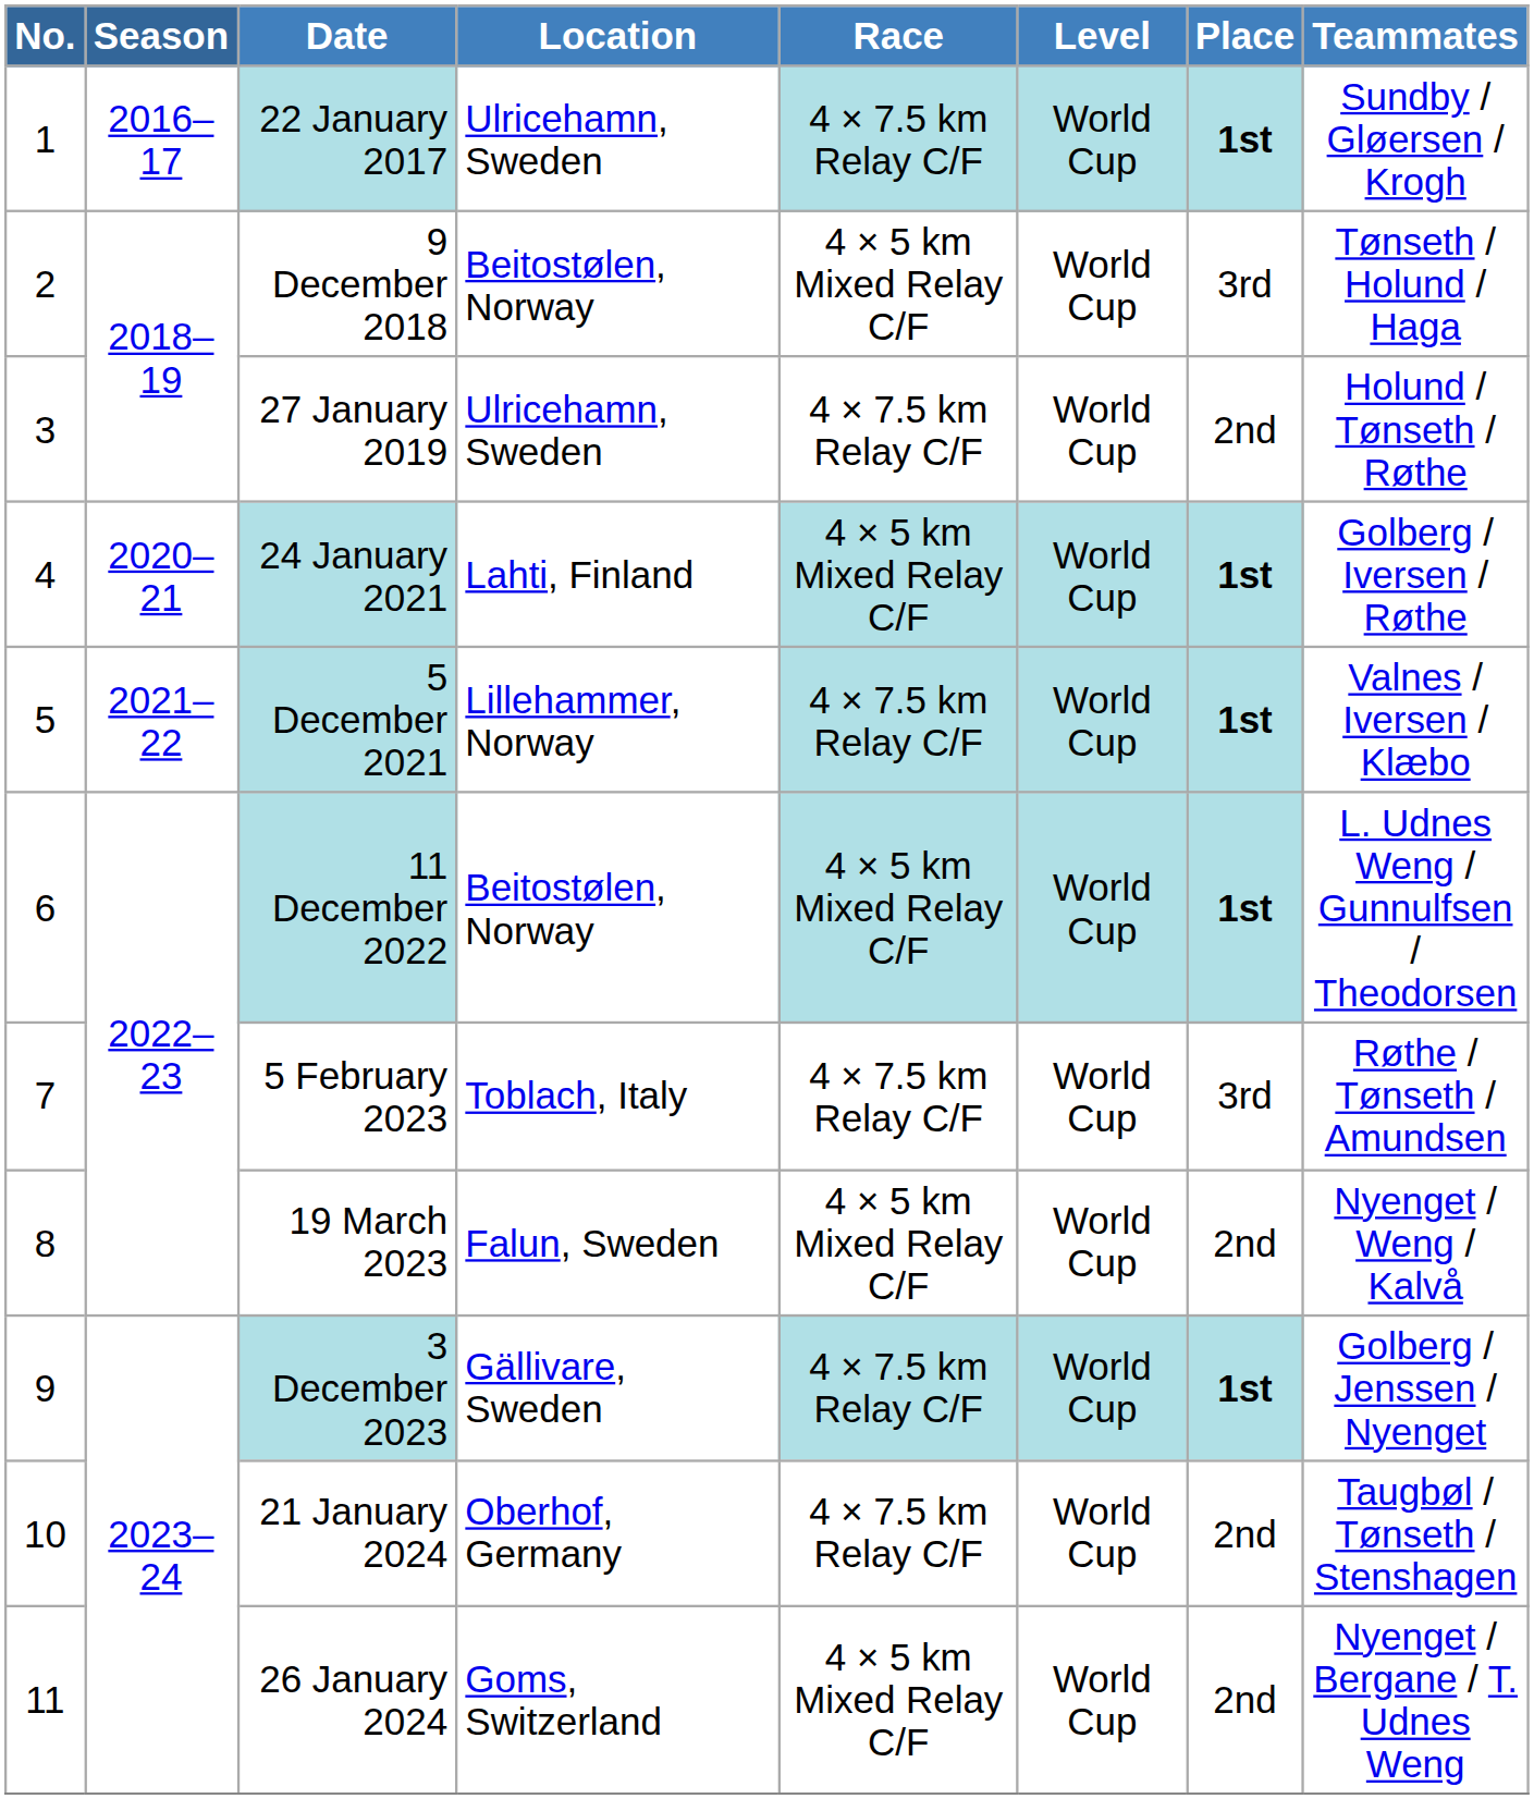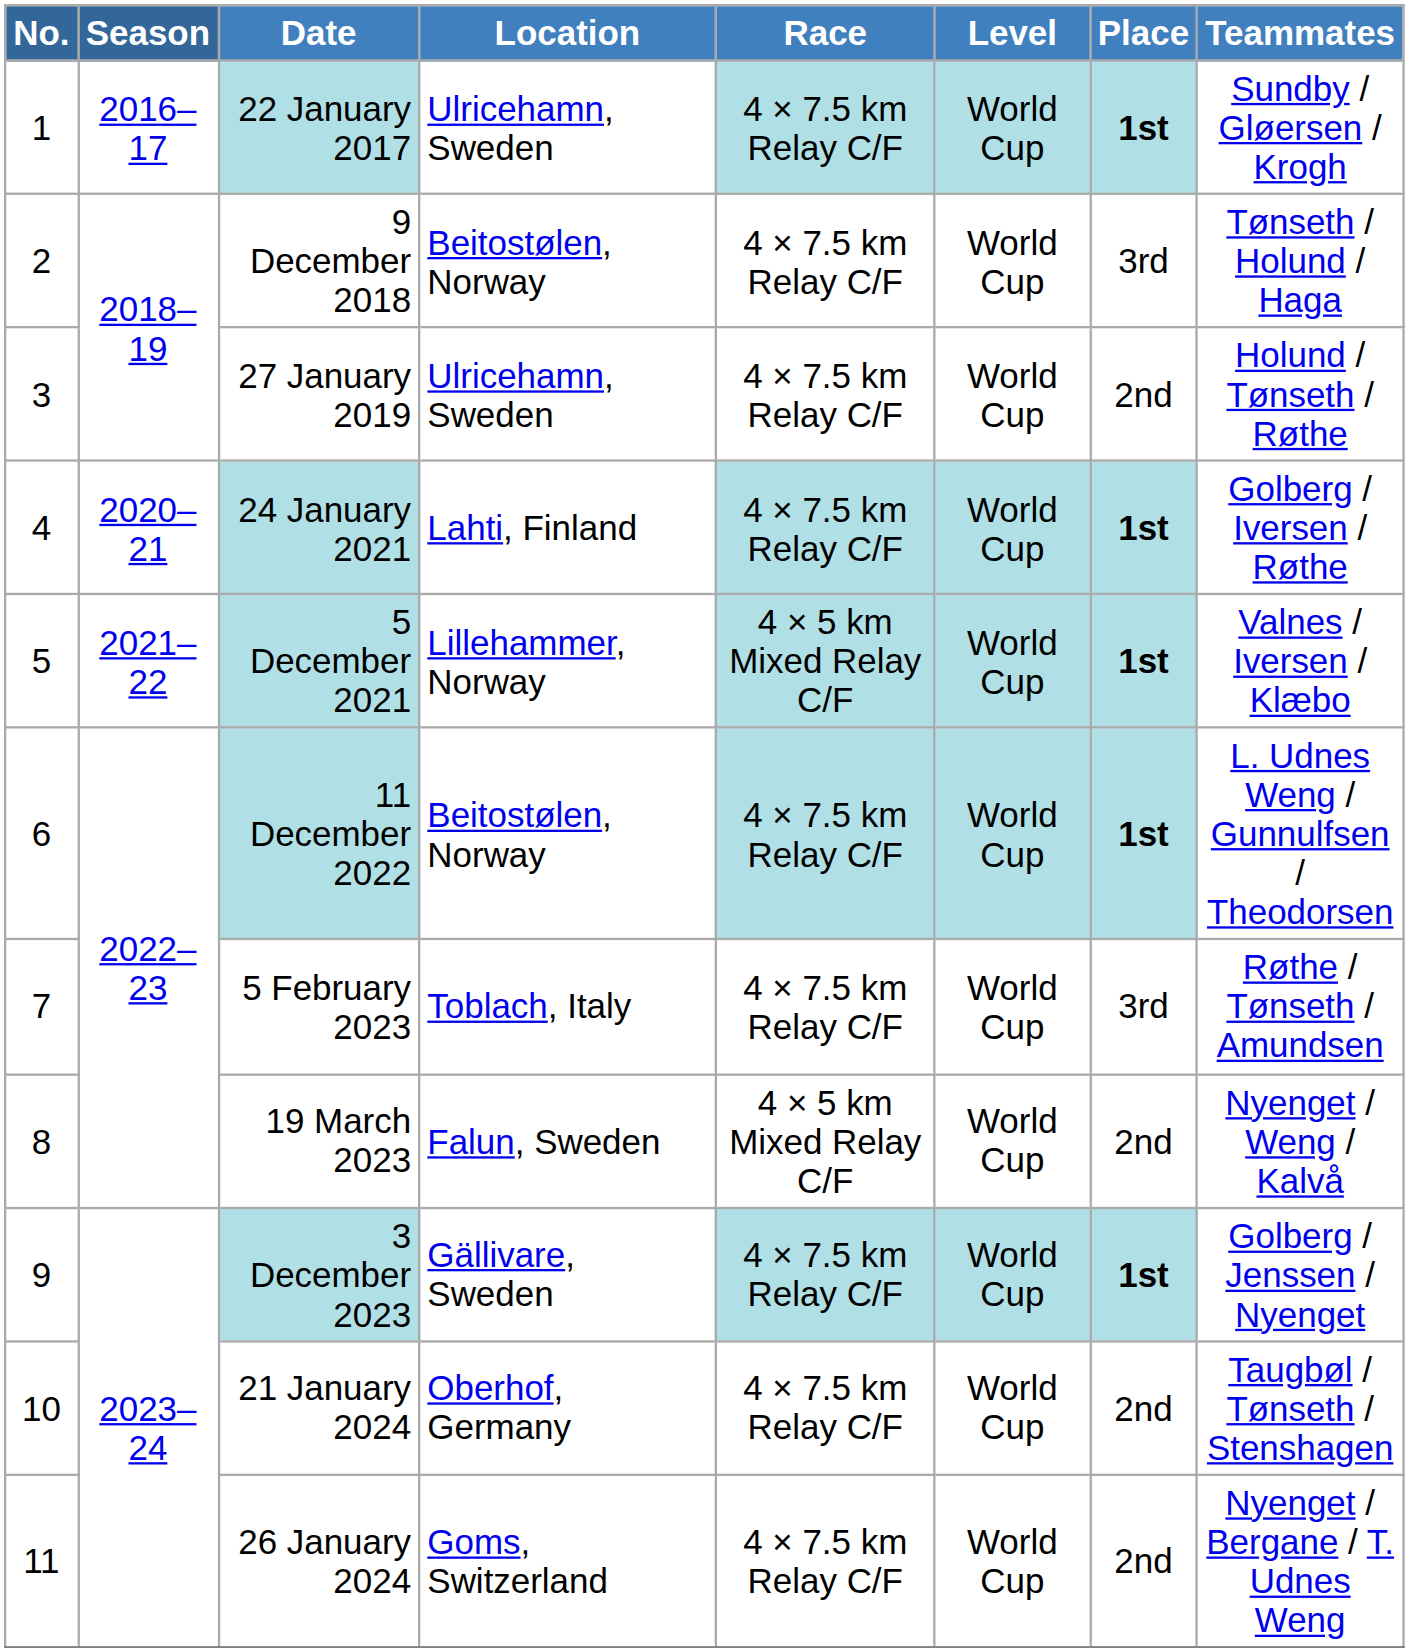 <table class="wikitable sortable" style="font-size:95%; text-align:center; border:grey solid 1px; border-collapse:collapse; background:#ffffff;">
 <tr style="background:#efefef;">
 <th style="background-color:#369; color:white;">No.</th>
 <th style="background-color:#369; color:white;">Season</th>
 <th style="background-color:#4180be; color:white; width:100px;">Date</th>
 <th style="background-color:#4180be; color:white; width:190px;">Location</th>
 <th style="background-color:#4180be; color:white; width:170px;">Race</th>
 <th style="background-color:#4180be; color:white; width:100px;">Level</th>
 <th style="background-color:#4180be; color:white;">Place</th>
 <th style="background-color:#4180be; color:white;">Teammates</th>
 </tr>
 <tr>
 <td align=center>1</td>
 <td rowspan=1 align=center><a href='#'>2016–17</a></td>
 <td bgcolor="#BOEOE6" align=right>22 January 2017</td>
 <td align=left> <a href='#'>Ulricehamn</a>, Sweden</td>
 <td bgcolor="#BOEOE6">4 × 7.5 km Relay C/F</td>
 <td bgcolor="#BOEOE6">World Cup</td>
 <td bgcolor="#BOEOE6"><strong>1st</strong></td>
 <td><a href='#'>Sundby</a> / <a href='#'>Gløersen</a> / <a href='#'>Krogh</a></td>
 </tr>
 <tr>
 <td align=center>2</td>
 <td rowspan=2 align=center><a href='#'>2018–19</a></td>
 <td align=right>9 December 2018</td>
 <td align=left> <a href='#'>Beitostølen</a>, Norway</td>
-<td>4 × 5 km Mixed Relay C/F</td>
+<td>4 × 7.5 km Relay C/F</td>
 <td>World Cup</td>
 <td>3rd</td>
 <td><a href='#'>Tønseth</a> / <a href='#'>Holund</a> / <a href='#'>Haga</a></td>
 </tr>
 <tr>
 <td align=center>3</td>
 <td align=right>27 January 2019</td>
 <td align=left> <a href='#'>Ulricehamn</a>, Sweden</td>
 <td>4 × 7.5 km Relay C/F</td>
 <td>World Cup</td>
 <td>2nd</td>
 <td><a href='#'>Holund</a> / <a href='#'>Tønseth</a> / <a href='#'>Røthe</a></td>
 </tr>
 <tr>
 <td align=center>4</td>
 <td rowspan=1 align=center><a href='#'>2020–21</a></td>
 <td bgcolor="#BOEOE6" align=right>24 January 2021</td>
 <td align=left> <a href='#'>Lahti</a>, Finland</td>
-<td bgcolor="#BOEOE6">4 × 5 km Mixed Relay C/F</td>
+<td bgcolor="#BOEOE6">4 × 7.5 km Relay C/F</td>
 <td bgcolor="#BOEOE6">World Cup</td>
 <td bgcolor="#BOEOE6"><strong>1st</strong></td>
 <td><a href='#'>Golberg</a> / <a href='#'>Iversen</a> / <a href='#'>Røthe</a></td>
 </tr>
 <tr>
 <td align=center>5</td>
 <td align=center><a href='#'>2021–22</a></td>
 <td bgcolor="#BOEOE6" align=right>5 December 2021</td>
 <td align=left> <a href='#'>Lillehammer</a>, Norway</td>
-<td bgcolor="#BOEOE6">4 × 7.5 km Relay C/F</td>
+<td bgcolor="#BOEOE6">4 × 5 km Mixed Relay C/F</td>
 <td bgcolor="#BOEOE6">World Cup</td>
 <td bgcolor="#BOEOE6"><strong>1st</strong></td>
 <td><a href='#'>Valnes</a> / <a href='#'>Iversen</a> / <a href='#'>Klæbo</a></td>
 </tr>
 <tr>
 <td align=center>6</td>
 <td rowspan=3 align=center><a href='#'>2022–23</a></td>
 <td bgcolor="#BOEOE6" align=right>11 December 2022</td>
 <td align=left> <a href='#'>Beitostølen</a>, Norway</td>
-<td bgcolor="#BOEOE6">4 × 5 km Mixed Relay C/F</td>
+<td bgcolor="#BOEOE6">4 × 7.5 km Relay C/F</td>
 <td bgcolor="#BOEOE6">World Cup</td>
 <td bgcolor="#BOEOE6"><strong>1st</strong></td>
 <td><a href='#'>L. Udnes Weng</a> / <a href='#'>Gunnulfsen</a> / <a href='#'>Theodorsen</a></td>
 </tr>
 <tr>
 <td align=center>7</td>
 <td align=right>5 February 2023</td>
 <td align=left> <a href='#'>Toblach</a>, Italy</td>
 <td>4 × 7.5 km Relay C/F</td>
 <td>World Cup</td>
 <td>3rd</td>
 <td><a href='#'>Røthe</a> / <a href='#'>Tønseth</a> / <a href='#'>Amundsen</a></td>
 </tr>
 <tr>
 <td align=center>8</td>
 <td align=right>19 March 2023</td>
 <td align=left> <a href='#'>Falun</a>, Sweden</td>
 <td>4 × 5 km Mixed Relay C/F</td>
 <td>World Cup</td>
 <td>2nd</td>
 <td><a href='#'>Nyenget</a> / <a href='#'>Weng</a> / <a href='#'>Kalvå</a></td>
 </tr>
 <tr>
 <td align=center>9</td>
 <td rowspan=3 align=center><a href='#'>2023–24</a></td>
 <td bgcolor="#BOEOE6" align=right>3 December 2023</td>
 <td align=left> <a href='#'>Gällivare</a>, Sweden</td>
 <td bgcolor="#BOEOE6">4 × 7.5 km Relay C/F</td>
 <td bgcolor="#BOEOE6">World Cup</td>
 <td bgcolor="#BOEOE6"><strong>1st</strong></td>
 <td><a href='#'>Golberg</a> / <a href='#'>Jenssen</a> / <a href='#'>Nyenget</a></td>
 </tr>
 <tr>
 <td align=center>10</td>
 <td align=right>21 January 2024</td>
 <td align=left> <a href='#'>Oberhof</a>, Germany</td>
 <td>4 × 7.5 km Relay C/F</td>
 <td>World Cup</td>
 <td>2nd</td>
 <td><a href='#'>Taugbøl</a> / <a href='#'>Tønseth</a> / <a href='#'>Stenshagen</a></td>
 </tr>
 <tr>
 <td align=center>11</td>
 <td align=right>26 January 2024</td>
 <td align=left> <a href='#'>Goms</a>, Switzerland</td>
-<td>4 × 5 km Mixed Relay C/F</td>
+<td>4 × 7.5 km Relay C/F</td>
 <td>World Cup</td>
 <td>2nd</td>
 <td><a href='#'>Nyenget</a> / <a href='#'>Bergane</a> / <a href='#'>T. Udnes Weng</a></td>
 </tr>
 <tr>
 </tr>
 </table>
